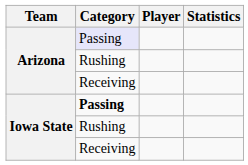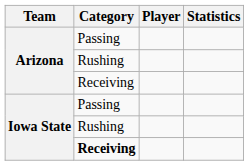 <table class="wikitable" style="float:right">
 <tr>
 <th>Team</th>
 <th>Category</th>
 <th>Player</th>
 <th>Statistics</th>
 </tr>
 <tr>
 <th rowspan=3>Arizona</th>
-<td style="background: lavender;">Passing</td>
+<td>Passing</td>
 <td></td>
 <td></td>
 </tr>
 <tr>
 <td>Rushing</td>
 <td></td>
 <td></td>
 </tr>
 <tr>
 <td>Receiving</td>
 <td></td>
 <td></td>
 </tr>
 <tr>
 <th rowspan=3>Iowa State</th>
-<td><strong>Passing</strong></td>
+<td>Passing</td>
 <td></td>
 <td></td>
 </tr>
 <tr>
 <td>Rushing</td>
 <td></td>
 <td></td>
 </tr>
 <tr>
-<td>Receiving</td>
+<td><strong>Receiving</strong></td>
 <td></td>
 <td></td>
 </tr>
 </table>
